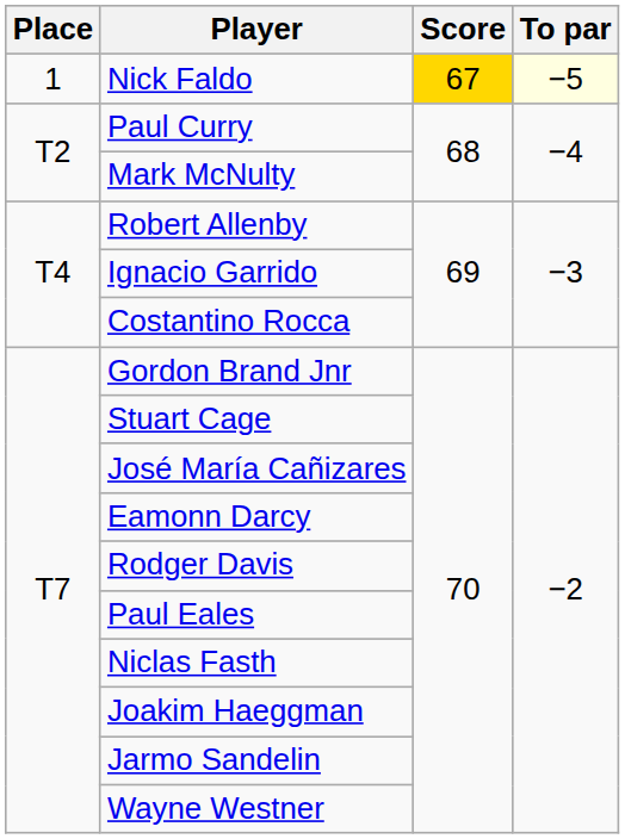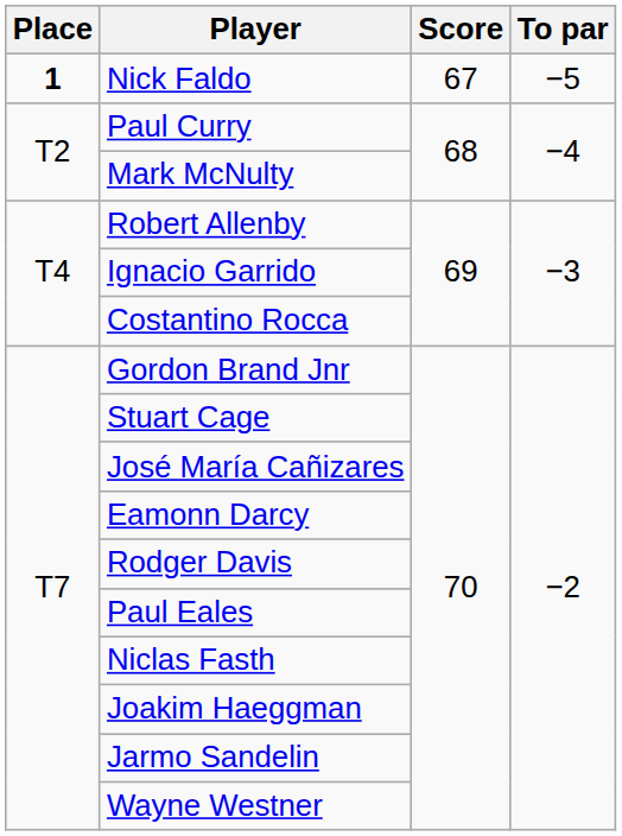 <table class="wikitable">
 <tr>
 <th>Place</th>
 <th>Player</th>
 <th>Score</th>
 <th>To par</th>
 </tr>
 <tr>
-<td align=center>1</td>
+<td align=center><strong>1</strong></td>
 <td> <a href='#'>Nick Faldo</a></td>
-<td align=center style="background: gold;">67</td>
-<td align=center style="background: lightyellow;">−5</td>
+<td align=center>67</td>
+<td align=center>−5</td>
 </tr>
 <tr>
 <td rowspan="2" align=center>T2</td>
 <td> <a href='#'>Paul Curry</a></td>
 <td rowspan="2" align=center>68</td>
 <td rowspan="2" align=center>−4</td>
 </tr>
 <tr>
 <td> <a href='#'>Mark McNulty</a></td>
 </tr>
 <tr>
 <td rowspan="3" align=center>T4</td>
 <td> <a href='#'>Robert Allenby</a></td>
 <td rowspan="3" align=center>69</td>
 <td rowspan="3" align=center>−3</td>
 </tr>
 <tr>
 <td> <a href='#'>Ignacio Garrido</a></td>
 </tr>
 <tr>
 <td> <a href='#'>Costantino Rocca</a></td>
 </tr>
 <tr>
 <td rowspan="10" align=center>T7</td>
 <td> <a href='#'>Gordon Brand Jnr</a></td>
 <td rowspan="10" align=center>70</td>
 <td rowspan="10" align=center>−2</td>
 </tr>
 <tr>
 <td> <a href='#'>Stuart Cage</a></td>
 </tr>
 <tr>
 <td> <a href='#'>José María Cañizares</a></td>
 </tr>
 <tr>
 <td> <a href='#'>Eamonn Darcy</a></td>
 </tr>
 <tr>
 <td> <a href='#'>Rodger Davis</a></td>
 </tr>
 <tr>
 <td> <a href='#'>Paul Eales</a></td>
 </tr>
 <tr>
 <td> <a href='#'>Niclas Fasth</a></td>
 </tr>
 <tr>
 <td> <a href='#'>Joakim Haeggman</a></td>
 </tr>
 <tr>
 <td> <a href='#'>Jarmo Sandelin</a></td>
 </tr>
 <tr>
 <td> <a href='#'>Wayne Westner</a></td>
 </tr>
 </table>
